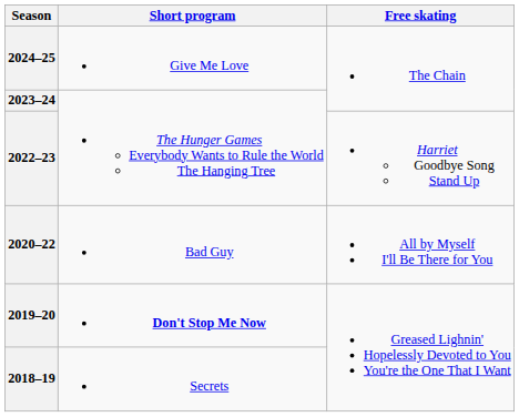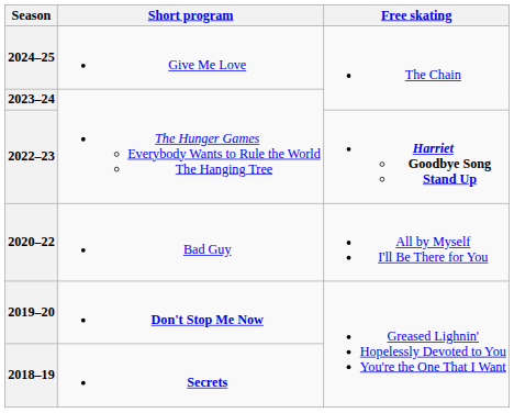 <table class=wikitable style=text-align:center>
 <tr>
 <th>Season</th>
 <th><a href='#'>Short program</a></th>
 <th><a href='#'>Free skating</a></th>
 </tr>
 <tr>
 <th>2024–25<br></th>
 <td><br><ul><li><a href='#'>Give Me Love</a> <br> </li></ul></td>
 <td rowspan=2><br><ul><li><a href='#'>The Chain</a> <br> </li></ul></td>
 </tr>
 <tr>
 <th>2023–24<br></th>
 <td rowspan=2><br><ul><li><em><a href='#'>The Hunger Games</a></em><ul><li><a href='#'>Everybody Wants to Rule the World</a> <br></li><li><a href='#'>The Hanging Tree</a><br></li></ul></li></ul></td>
 </tr>
 <tr>
 <th>2022–23<br></th>
-<td><br><ul><li><em><a href='#'>Harriet</a></em><ul><li>Goodbye Song<br></li><li><a href='#'>Stand Up</a><br></li></ul></li></ul></td>
+<td><strong><br><ul><li><em><a href='#'>Harriet</a></em><ul><li>Goodbye Song<br></li><li><a href='#'>Stand Up</a><br></li></ul></li></ul></strong></td>
 </tr>
 <tr>
 <th>2020–22<br></th>
 <td><br><ul><li><a href='#'>Bad Guy</a><br></li></ul></td>
 <td><br><ul><li><a href='#'>All by Myself</a><br></li><li><a href='#'>I'll Be There for You</a><br></li></ul></td>
 </tr>
 <tr>
 <th>2019–20<br></th>
 <td><strong><br><ul><li><a href='#'>Don't Stop Me Now</a><br></li></ul></strong></td>
 <td rowspan=2><br><ul><li><a href='#'>Greased Lighnin'</a><br></li><li><a href='#'>Hopelessly Devoted to You</a><br></li><li><a href='#'>You're the One That I Want</a><br></li></ul></td>
 </tr>
 <tr>
 <th>2018–19<br></th>
-<td><br><ul><li><a href='#'>Secrets</a><br></li></ul></td>
+<td><strong><br><ul><li><a href='#'>Secrets</a><br></li></ul></strong></td>
 </tr>
 </table>
